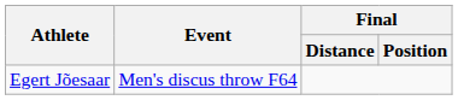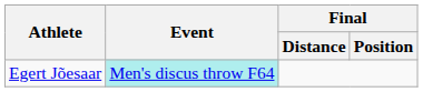 <table class="wikitable">
 <tr>
 <th rowspan="2">Athlete</th>
 <th rowspan="2">Event</th>
 <th colspan="2">Final</th>
 </tr>
 <tr>
 <th>Distance</th>
 <th>Position</th>
 </tr>
 <tr>
 <td><a href='#'>Egert Jõesaar</a></td>
-<td><a href='#'>Men's discus throw F64</a></td>
+<td style="background: paleturquoise;"><a href='#'>Men's discus throw F64</a></td>
 </tr>
 </table>
